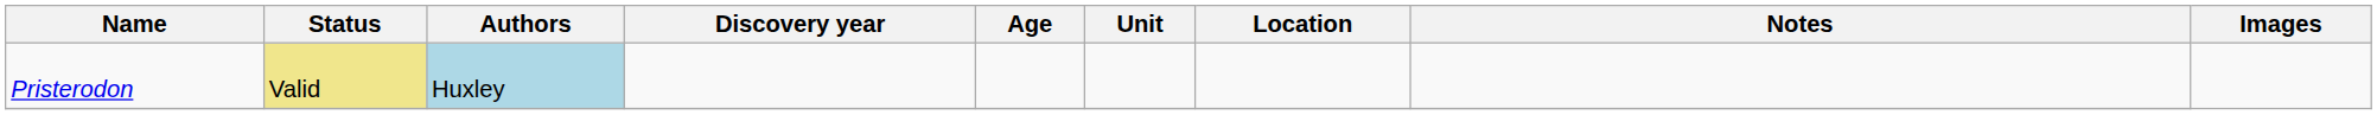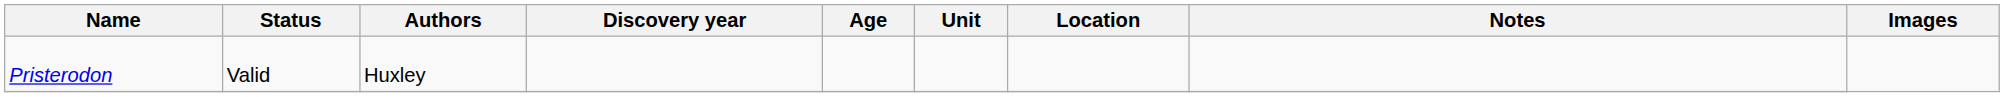 <table class="wikitable sortable" align="center" width="100%">
 <tr>
 <th>Name</th>
 <th>Status</th>
 <th>Authors</th>
 <th>Discovery year</th>
 <th>Age</th>
 <th>Unit</th>
 <th>Location</th>
 <th width="33%" class="unsortable">Notes</th>
 <th class="unsortable">Images</th>
 </tr>
 <tr>
 <td><br><em><a href='#'>Pristerodon</a></em></td>
-<td style="background: khaki;"><br>Valid</td>
-<td style="background: lightblue;"><br>Huxley</td>
+<td><br>Valid</td>
+<td><br>Huxley</td>
 <td></td>
 <td></td>
 <td></td>
 <td></td>
 <td><br></td>
 <td rowspan="99"><br></td>
 </tr>
 <tr>
 </tr>
 </table>
